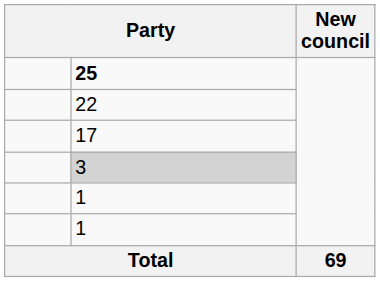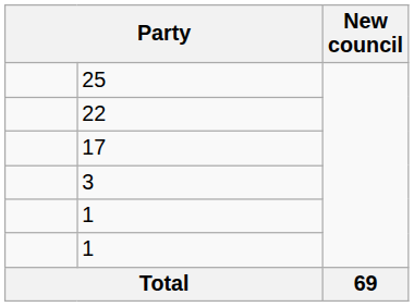 <table class="wikitable">
 <tr>
 <th valign=centre colspan="2" style="width: 230px">Party</th>
 <th valign=top style="width: 30px">New council</th>
 </tr>
 <tr>
 <td></td>
-<td><strong>25</strong></td>
+<td>25</td>
 </tr>
 <tr>
 <td></td>
 <td>22</td>
 </tr>
 <tr>
 <td></td>
 <td>17</td>
 </tr>
 <tr>
 <td></td>
-<td style="background: lightgrey;">3</td>
+<td>3</td>
 </tr>
 <tr>
 <td></td>
 <td>1</td>
 </tr>
 <tr>
 <td></td>
 <td>1</td>
 </tr>
 <tr>
 <th colspan=2>Total</th>
 <th colspan=3>69</th>
 </tr>
 </table>
